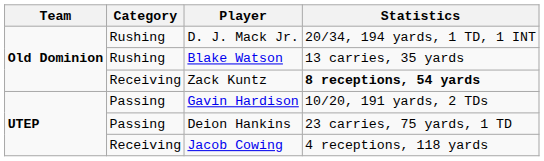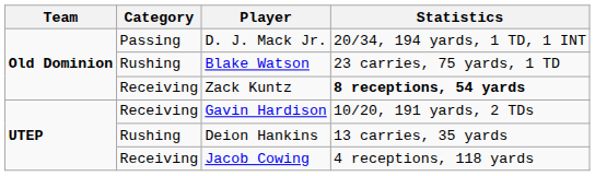 <table class="wikitable" style="float: left;">
 <tr>
 <th>Team</th>
 <th>Category</th>
 <th>Player</th>
 <th>Statistics</th>
 </tr>
 <tr>
 <td rowspan=3><strong>Old Dominion</strong></td>
-<td>Rushing</td>
+<td>Passing</td>
 <td>D. J. Mack Jr.</td>
 <td>20/34, 194 yards, 1 TD, 1 INT</td>
 </tr>
 <tr>
 <td>Rushing</td>
 <td><a href='#'>Blake Watson</a></td>
-<td>13 carries, 35 yards</td>
+<td>23 carries, 75 yards, 1 TD</td>
 </tr>
 <tr>
 <td>Receiving</td>
 <td>Zack Kuntz</td>
 <td><strong>8 receptions, 54 yards</strong></td>
 </tr>
 <tr>
 <td rowspan=3><strong>UTEP</strong></td>
-<td>Passing</td>
+<td>Receiving</td>
 <td><a href='#'>Gavin Hardison</a></td>
 <td>10/20, 191 yards, 2 TDs</td>
 </tr>
 <tr>
-<td>Passing</td>
+<td>Rushing</td>
 <td>Deion Hankins</td>
-<td>23 carries, 75 yards, 1 TD</td>
+<td>13 carries, 35 yards</td>
 </tr>
 <tr>
 <td>Receiving</td>
 <td><a href='#'>Jacob Cowing</a></td>
 <td>4 receptions, 118 yards</td>
 </tr>
 </table>
